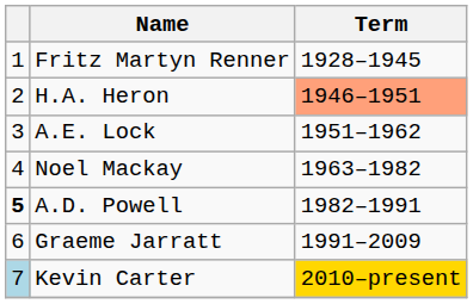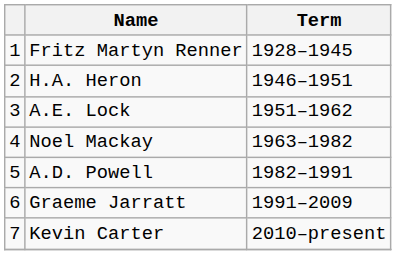 <table class="wikitable">
 <tr>
 <th></th>
 <th>Name</th>
 <th>Term</th>
 </tr>
 <tr>
 <td align=center>1</td>
 <td>Fritz Martyn Renner</td>
 <td>1928–1945</td>
 </tr>
 <tr>
 <td align=center>2</td>
 <td>H.A. Heron</td>
-<td style="background: lightsalmon;">1946–1951</td>
+<td>1946–1951</td>
 </tr>
 <tr>
 <td align=center>3</td>
 <td>A.E. Lock</td>
 <td>1951–1962</td>
 </tr>
 <tr>
 <td align=center>4</td>
 <td>Noel Mackay</td>
 <td>1963–1982</td>
 </tr>
 <tr>
-<td align=center><strong>5</strong></td>
+<td align=center>5</td>
 <td>A.D. Powell</td>
 <td>1982–1991</td>
 </tr>
 <tr>
 <td align=center>6</td>
 <td>Graeme Jarratt</td>
 <td>1991–2009</td>
 </tr>
 <tr>
-<td align=center style="background: lightblue;">7</td>
+<td align=center>7</td>
 <td>Kevin Carter</td>
-<td style="background: gold;">2010–present</td>
+<td>2010–present</td>
 </tr>
 <tr>
 </tr>
 </table>
